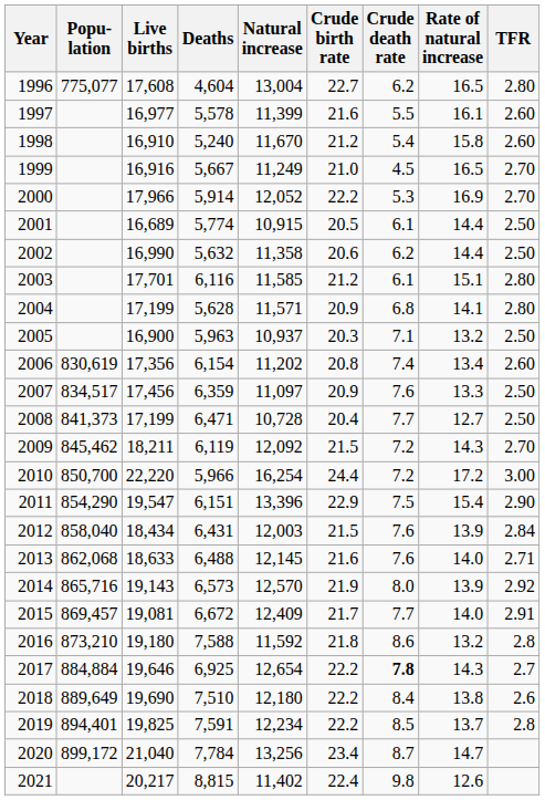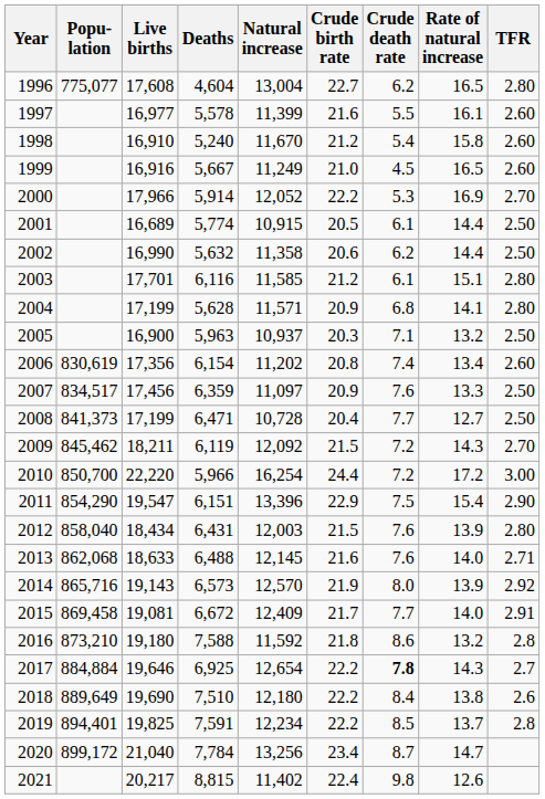 <table class="wikitable" style=text-align:right>
 <tr>
 <th style="width:40px;">Year</th>
 <th width="40">Popu­lation</th>
 <th width="40">Live births</th>
 <th style="width:40px;">Deaths</th>
 <th width="40">Natural increase</th>
 <th width="40">Crude birth rate</th>
 <th style="width:40px;">Crude death rate</th>
 <th width="50">Rate of natural increase</th>
 <th width="40">TFR</th>
 </tr>
 <tr>
 <td>1996</td>
 <td>775,077</td>
 <td>17,608</td>
 <td>4,604</td>
 <td>13,004</td>
 <td>22.7</td>
 <td>6.2</td>
 <td>16.5</td>
 <td>2.80</td>
 </tr>
 <tr>
 <td>1997</td>
 <td></td>
 <td>16,977</td>
 <td>5,578</td>
 <td>11,399</td>
 <td>21.6</td>
 <td>5.5</td>
 <td>16.1</td>
 <td>2.60</td>
 </tr>
 <tr>
 <td>1998</td>
 <td></td>
 <td>16,910</td>
 <td>5,240</td>
 <td>11,670</td>
 <td>21.2</td>
 <td>5.4</td>
 <td>15.8</td>
 <td>2.60</td>
 </tr>
 <tr>
 <td>1999</td>
 <td></td>
 <td>16,916</td>
 <td>5,667</td>
 <td>11,249</td>
 <td>21.0</td>
 <td>4.5</td>
 <td>16.5</td>
-<td>2.70</td>
+<td>2.60</td>
 </tr>
 <tr>
 <td>2000</td>
 <td></td>
 <td>17,966</td>
 <td>5,914</td>
 <td>12,052</td>
 <td>22.2</td>
 <td>5.3</td>
 <td>16.9</td>
 <td>2.70</td>
 </tr>
 <tr>
 <td>2001</td>
 <td></td>
 <td>16,689</td>
 <td>5,774</td>
 <td>10,915</td>
 <td>20.5</td>
 <td>6.1</td>
 <td>14.4</td>
 <td>2.50</td>
 </tr>
 <tr>
 <td>2002</td>
 <td></td>
 <td>16,990</td>
 <td>5,632</td>
 <td>11,358</td>
 <td>20.6</td>
 <td>6.2</td>
 <td>14.4</td>
 <td>2.50</td>
 </tr>
 <tr>
 <td>2003</td>
 <td></td>
 <td>17,701</td>
 <td>6,116</td>
 <td>11,585</td>
 <td>21.2</td>
 <td>6.1</td>
 <td>15.1</td>
 <td>2.80</td>
 </tr>
 <tr>
 <td>2004</td>
 <td></td>
 <td>17,199</td>
 <td>5,628</td>
 <td>11,571</td>
 <td>20.9</td>
 <td>6.8</td>
 <td>14.1</td>
 <td>2.80</td>
 </tr>
 <tr>
 <td>2005</td>
 <td></td>
 <td>16,900</td>
 <td>5,963</td>
 <td>10,937</td>
 <td>20.3</td>
 <td>7.1</td>
 <td>13.2</td>
 <td>2.50</td>
 </tr>
 <tr>
 <td>2006</td>
 <td>830,619</td>
 <td>17,356</td>
 <td>6,154</td>
 <td>11,202</td>
 <td>20.8</td>
 <td>7.4</td>
 <td>13.4</td>
 <td>2.60</td>
 </tr>
 <tr>
 <td>2007</td>
 <td>834,517</td>
 <td>17,456</td>
 <td>6,359</td>
 <td>11,097</td>
 <td>20.9</td>
 <td>7.6</td>
 <td>13.3</td>
 <td>2.50</td>
 </tr>
 <tr>
 <td>2008</td>
 <td>841,373</td>
 <td>17,199</td>
 <td>6,471</td>
 <td>10,728</td>
 <td>20.4</td>
 <td>7.7</td>
 <td>12.7</td>
 <td>2.50</td>
 </tr>
 <tr>
 <td>2009</td>
 <td>845,462</td>
 <td>18,211</td>
 <td>6,119</td>
 <td>12,092</td>
 <td>21.5</td>
 <td>7.2</td>
 <td>14.3</td>
 <td>2.70</td>
 </tr>
 <tr>
 <td>2010</td>
 <td>850,700</td>
 <td>22,220</td>
 <td>5,966</td>
 <td>16,254</td>
 <td>24.4</td>
 <td>7.2</td>
 <td>17.2</td>
 <td>3.00</td>
 </tr>
 <tr>
 <td>2011</td>
 <td>854,290</td>
 <td>19,547</td>
 <td>6,151</td>
 <td>13,396</td>
 <td>22.9</td>
 <td>7.5</td>
 <td>15.4</td>
 <td>2.90</td>
 </tr>
 <tr>
 <td>2012</td>
 <td>858,040</td>
 <td>18,434</td>
 <td>6,431</td>
 <td>12,003</td>
 <td>21.5</td>
 <td>7.6</td>
 <td>13.9</td>
-<td>2.84</td>
+<td>2.80</td>
 </tr>
 <tr>
 <td>2013</td>
 <td>862,068</td>
 <td>18,633</td>
 <td>6,488</td>
 <td>12,145</td>
 <td>21.6</td>
 <td>7.6</td>
 <td>14.0</td>
 <td>2.71</td>
 </tr>
 <tr>
 <td>2014</td>
 <td>865,716</td>
 <td>19,143</td>
 <td>6,573</td>
 <td>12,570</td>
 <td>21.9</td>
 <td>8.0</td>
 <td>13.9</td>
 <td>2.92</td>
 </tr>
 <tr>
 <td>2015</td>
-<td>869,457</td>
+<td>869,458</td>
 <td>19,081</td>
 <td>6,672</td>
 <td>12,409</td>
 <td>21.7</td>
 <td>7.7</td>
 <td>14.0</td>
 <td>2.91</td>
 </tr>
 <tr>
 <td>2016</td>
 <td>873,210</td>
 <td>19,180</td>
 <td>7,588</td>
 <td>11,592</td>
 <td>21.8</td>
 <td>8.6</td>
 <td>13.2</td>
 <td>2.8</td>
 </tr>
 <tr>
 <td>2017</td>
 <td>884,884</td>
 <td>19,646</td>
 <td>6,925</td>
 <td>12,654</td>
 <td>22.2</td>
 <td><strong>7.8</strong></td>
 <td>14.3</td>
 <td>2.7</td>
 </tr>
 <tr>
 <td>2018</td>
 <td>889,649</td>
 <td>19,690</td>
 <td>7,510</td>
 <td>12,180</td>
 <td>22.2</td>
 <td>8.4</td>
 <td>13.8</td>
 <td>2.6</td>
 </tr>
 <tr>
 <td>2019</td>
 <td>894,401</td>
 <td>19,825</td>
 <td>7,591</td>
 <td>12,234</td>
 <td>22.2</td>
 <td>8.5</td>
 <td>13.7</td>
 <td>2.8</td>
 </tr>
 <tr>
 <td>2020</td>
 <td>899,172</td>
 <td>21,040</td>
 <td>7,784</td>
 <td>13,256</td>
 <td>23.4</td>
 <td>8.7</td>
 <td>14.7</td>
 <td></td>
 </tr>
 <tr>
 <td>2021</td>
 <td></td>
 <td>20,217</td>
 <td>8,815</td>
 <td>11,402</td>
 <td>22.4</td>
 <td>9.8</td>
 <td>12.6</td>
 <td></td>
 </tr>
 </table>
